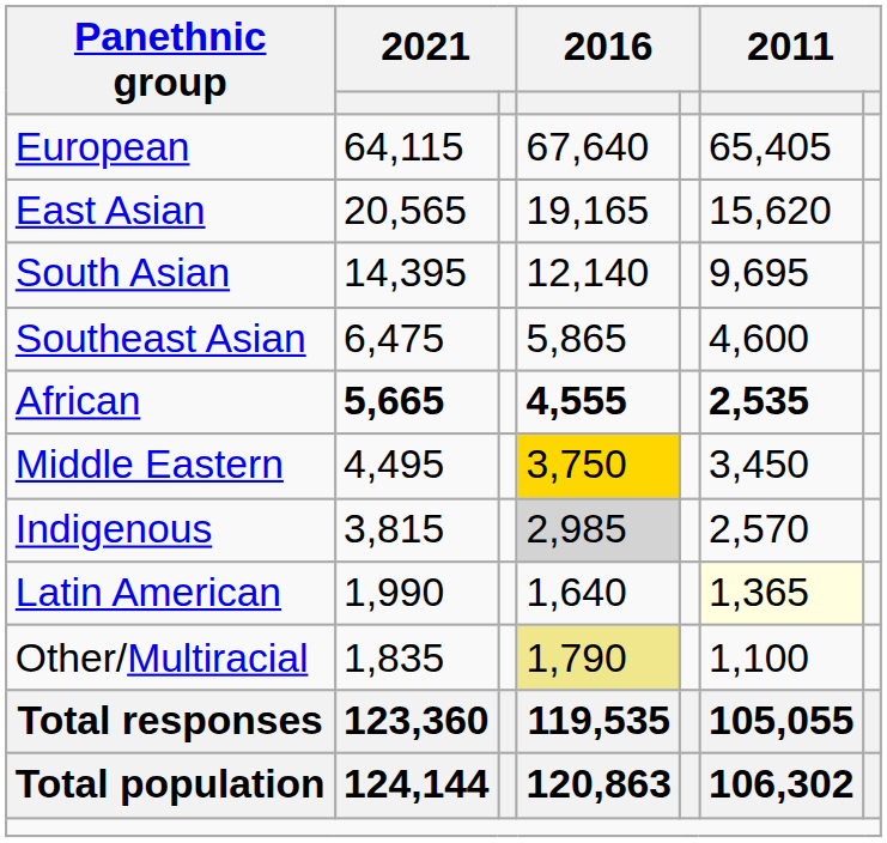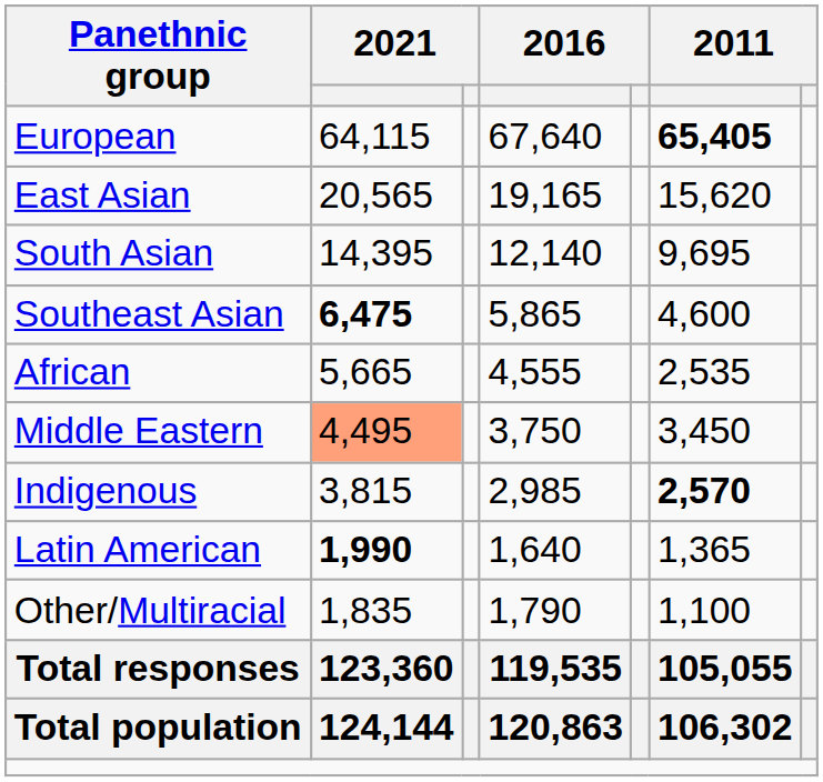 <table class="wikitable collapsible sortable">
 <tr>
 <th rowspan="2"><a href='#'>Panethnic</a><br>group</th>
 <th colspan="2">2021</th>
 <th colspan="2">2016</th>
 <th colspan="2">2011</th>
 </tr>
 <tr>
 <th><a href='#'></a></th>
 <th></th>
 <th></th>
 <th></th>
 <th></th>
 <th></th>
 </tr>
 <tr>
 <td><a href='#'>European</a></td>
 <td>64,115</td>
 <td></td>
 <td>67,640</td>
 <td></td>
-<td>65,405</td>
+<td><strong>65,405</strong></td>
 <td></td>
 </tr>
 <tr>
 <td><a href='#'>East Asian</a></td>
 <td>20,565</td>
 <td></td>
 <td>19,165</td>
 <td></td>
 <td>15,620</td>
 <td></td>
 </tr>
 <tr>
 <td><a href='#'>South Asian</a></td>
 <td>14,395</td>
 <td></td>
 <td>12,140</td>
 <td></td>
 <td>9,695</td>
 <td></td>
 </tr>
 <tr>
 <td><a href='#'>Southeast Asian</a></td>
-<td>6,475</td>
+<td><strong>6,475</strong></td>
 <td></td>
 <td>5,865</td>
 <td></td>
 <td>4,600</td>
 <td></td>
 </tr>
 <tr>
 <td><a href='#'>African</a></td>
-<td><strong>5,665</strong></td>
+<td>5,665</td>
 <td></td>
-<td><strong>4,555</strong></td>
+<td>4,555</td>
 <td></td>
-<td><strong>2,535</strong></td>
+<td>2,535</td>
 <td></td>
 </tr>
 <tr>
 <td><a href='#'>Middle Eastern</a></td>
-<td>4,495</td>
+<td style="background: lightsalmon;">4,495</td>
 <td></td>
-<td style="background: gold;">3,750</td>
+<td>3,750</td>
 <td></td>
 <td>3,450</td>
 <td></td>
 </tr>
 <tr>
 <td><a href='#'>Indigenous</a></td>
 <td>3,815</td>
 <td></td>
-<td style="background: lightgrey;">2,985</td>
+<td>2,985</td>
 <td></td>
-<td>2,570</td>
+<td><strong>2,570</strong></td>
 <td></td>
 </tr>
 <tr>
 <td><a href='#'>Latin American</a></td>
-<td>1,990</td>
+<td><strong>1,990</strong></td>
 <td></td>
 <td>1,640</td>
 <td></td>
-<td style="background: lightyellow;">1,365</td>
+<td>1,365</td>
 <td></td>
 </tr>
 <tr>
 <td>Other/<a href='#'>Multiracial</a></td>
 <td>1,835</td>
 <td></td>
-<td style="background: khaki;">1,790</td>
+<td>1,790</td>
 <td></td>
 <td>1,100</td>
 <td></td>
 </tr>
 <tr>
 <th>Total responses</th>
 <th>123,360</th>
 <th></th>
 <th>119,535</th>
 <th></th>
 <th>105,055</th>
 <th></th>
 </tr>
 <tr>
 <th>Total population</th>
 <th>124,144</th>
 <th></th>
 <th>120,863</th>
 <th></th>
 <th>106,302</th>
 <th></th>
 </tr>
 <tr class="sortbottom">
 <td colspan="15"></td>
 </tr>
 </table>
